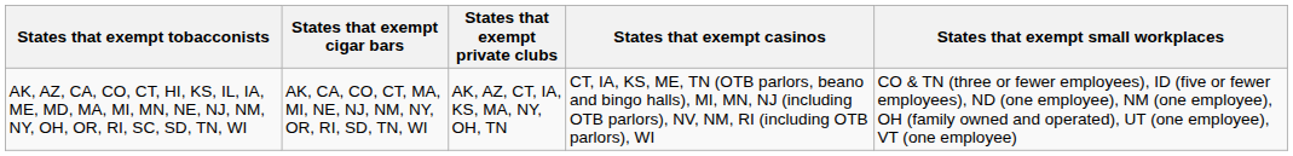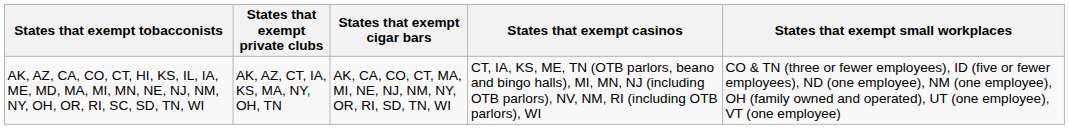 <table class="wikitable">
 <tr>
 <th>States that exempt tobacconists</th>
+<th>States that exempt private clubs</th>
 <th>States that exempt cigar bars</th>
-<th>States that exempt private clubs</th>
 <th>States that exempt casinos</th>
 <th>States that exempt small workplaces</th>
 </tr>
 <tr>
 <td>AK, AZ, CA, CO, CT, HI, KS, IL, IA, ME, MD, MA, MI, MN, NE, NJ, NM, NY, OH, OR, RI, SC, SD, TN, WI</td>
+<td>AK, AZ, CT, IA, KS, MA, NY, OH, TN</td>
 <td>AK, CA, CO, CT, MA, MI, NE, NJ, NM, NY, OR, RI, SD, TN, WI</td>
-<td>AK, AZ, CT, IA, KS, MA, NY, OH, TN</td>
 <td>CT, IA, KS, ME, TN (OTB parlors, beano and bingo halls), MI, MN, NJ (including OTB parlors), NV, NM, RI (including OTB parlors), WI</td>
 <td>CO & TN (three or fewer employees), ID (five or fewer employees), ND (one employee), NM (one employee), OH (family owned and operated), UT (one employee), VT (one employee)</td>
 </tr>
 </table>
